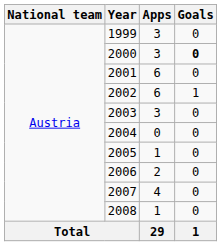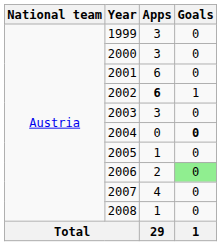 <table class="wikitable" style="text-align:center">
 <tr>
 <th>National team</th>
 <th>Year</th>
 <th>Apps</th>
 <th>Goals</th>
 </tr>
 <tr>
 <td rowspan="10"><a href='#'>Austria</a></td>
 <td>1999</td>
 <td>3</td>
 <td>0</td>
 </tr>
 <tr>
 <td>2000</td>
 <td>3</td>
-<td><strong>0</strong></td>
+<td>0</td>
 </tr>
 <tr>
 <td>2001</td>
 <td>6</td>
 <td>0</td>
 </tr>
 <tr>
 <td>2002</td>
-<td>6</td>
+<td><strong>6</strong></td>
 <td>1</td>
 </tr>
 <tr>
 <td>2003</td>
 <td>3</td>
 <td>0</td>
 </tr>
 <tr>
 <td>2004</td>
 <td>0</td>
-<td>0</td>
+<td><strong>0</strong></td>
 </tr>
 <tr>
 <td>2005</td>
 <td>1</td>
 <td>0</td>
 </tr>
 <tr>
 <td>2006</td>
 <td>2</td>
-<td>0</td>
+<td style="background: lightgreen;">0</td>
 </tr>
 <tr>
 <td>2007</td>
 <td>4</td>
 <td>0</td>
 </tr>
 <tr>
 <td>2008</td>
 <td>1</td>
 <td>0</td>
 </tr>
 <tr>
 <th colspan="2">Total</th>
 <th>29</th>
 <th>1</th>
 </tr>
 </table>
